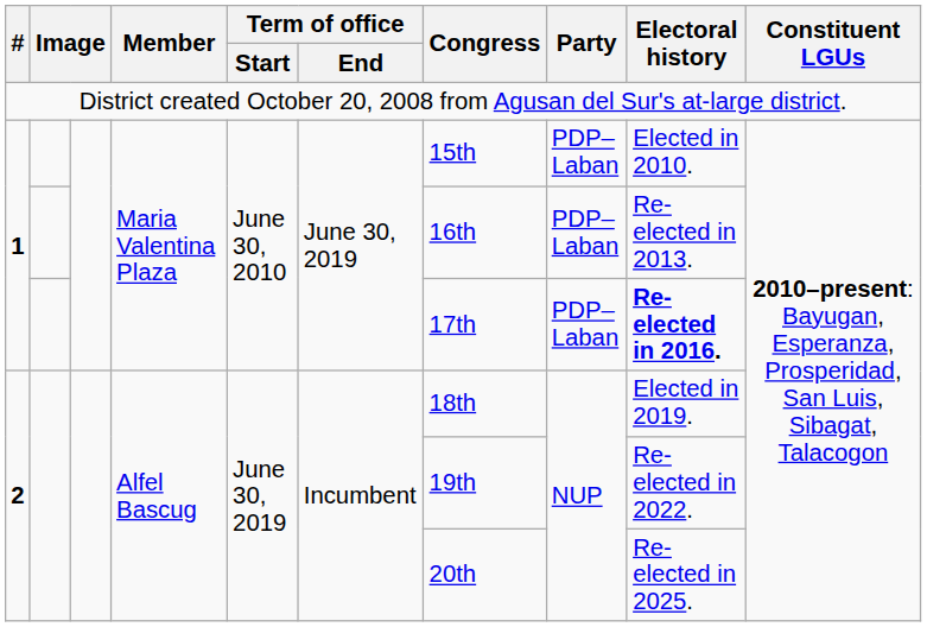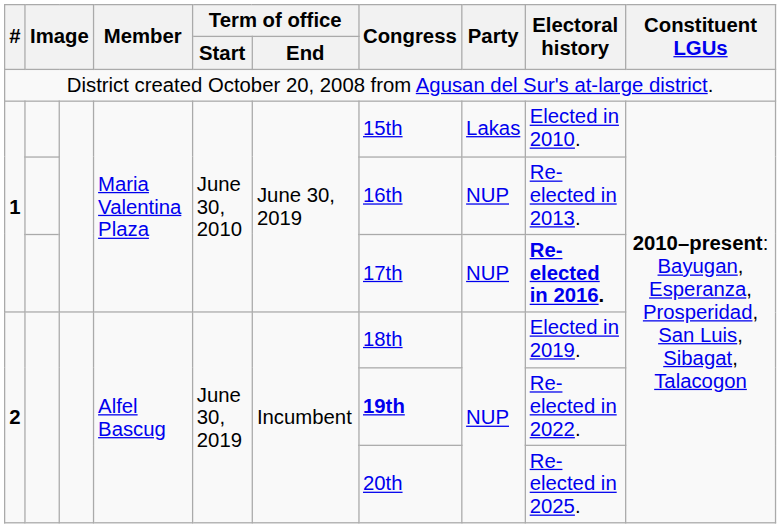 <table class="wikitable">
 <tr>
 <th rowspan="2">#</th>
 <th colspan="2" rowspan="2">Image</th>
 <th rowspan="2">Member</th>
 <th colspan="2">Term of office</th>
 <th rowspan="2">Congress</th>
 <th rowspan="2">Party</th>
 <th rowspan="2">Electoral history</th>
 <th rowspan="2">Constituent<br><a href='#'>LGUs</a></th>
 </tr>
 <tr>
 <th>Start</th>
 <th>End</th>
 </tr>
 <tr>
 <td colspan="10" style="text-align:center;">District created October 20, 2008 from <a href='#'>Agusan del Sur's at-large district</a>.</td>
 </tr>
 <tr>
 <td rowspan="3"><strong>1</strong></td>
 <td style="color:inherit;background:"></td>
 <td rowspan="3"></td>
 <td rowspan="3"><a href='#'>Maria Valentina Plaza</a></td>
 <td rowspan="3">June 30, 2010</td>
 <td rowspan="3">June 30, 2019</td>
 <td><a href='#'>15th</a></td>
-<td><a href='#'>PDP–Laban</a></td>
+<td><a href='#'>Lakas</a></td>
 <td><a href='#'>Elected in 2010</a>.</td>
 <td rowspan="6" align="center"><strong>2010–present</strong>:<br><a href='#'>Bayugan</a>, <a href='#'>Esperanza</a>, <a href='#'>Prosperidad</a>, <a href='#'>San Luis</a>, <a href='#'>Sibagat</a>, <a href='#'>Talacogon</a></td>
 </tr>
 <tr>
 <td style="color:inherit;background:"></td>
 <td><a href='#'>16th</a></td>
-<td><a href='#'>PDP–Laban</a></td>
+<td><a href='#'>NUP</a></td>
 <td><a href='#'>Re-elected in 2013</a>.</td>
 </tr>
 <tr>
 <td style="color:inherit;background:"></td>
 <td><a href='#'>17th</a></td>
-<td><a href='#'>PDP–Laban</a></td>
+<td><a href='#'>NUP</a></td>
 <td><strong><a href='#'>Re-elected in 2016</a>.</strong></td>
 </tr>
 <tr>
 <td rowspan="3"><strong>2</strong></td>
 <td rowspan="3" style="color:inherit;background:"></td>
 <td rowspan="3"></td>
 <td rowspan="3"><a href='#'>Alfel Bascug</a></td>
 <td rowspan="3">June 30, 2019</td>
 <td rowspan="3">Incumbent</td>
 <td><a href='#'>18th</a></td>
 <td rowspan="3"><a href='#'>NUP</a></td>
 <td><a href='#'>Elected in 2019</a>.</td>
 </tr>
 <tr>
-<td><a href='#'>19th</a></td>
+<td><strong><a href='#'>19th</a></strong></td>
 <td><a href='#'>Re-elected in 2022</a>.</td>
 </tr>
 <tr>
 <td><a href='#'>20th</a></td>
 <td><a href='#'>Re-elected in 2025</a>.</td>
 </tr>
 </table>
